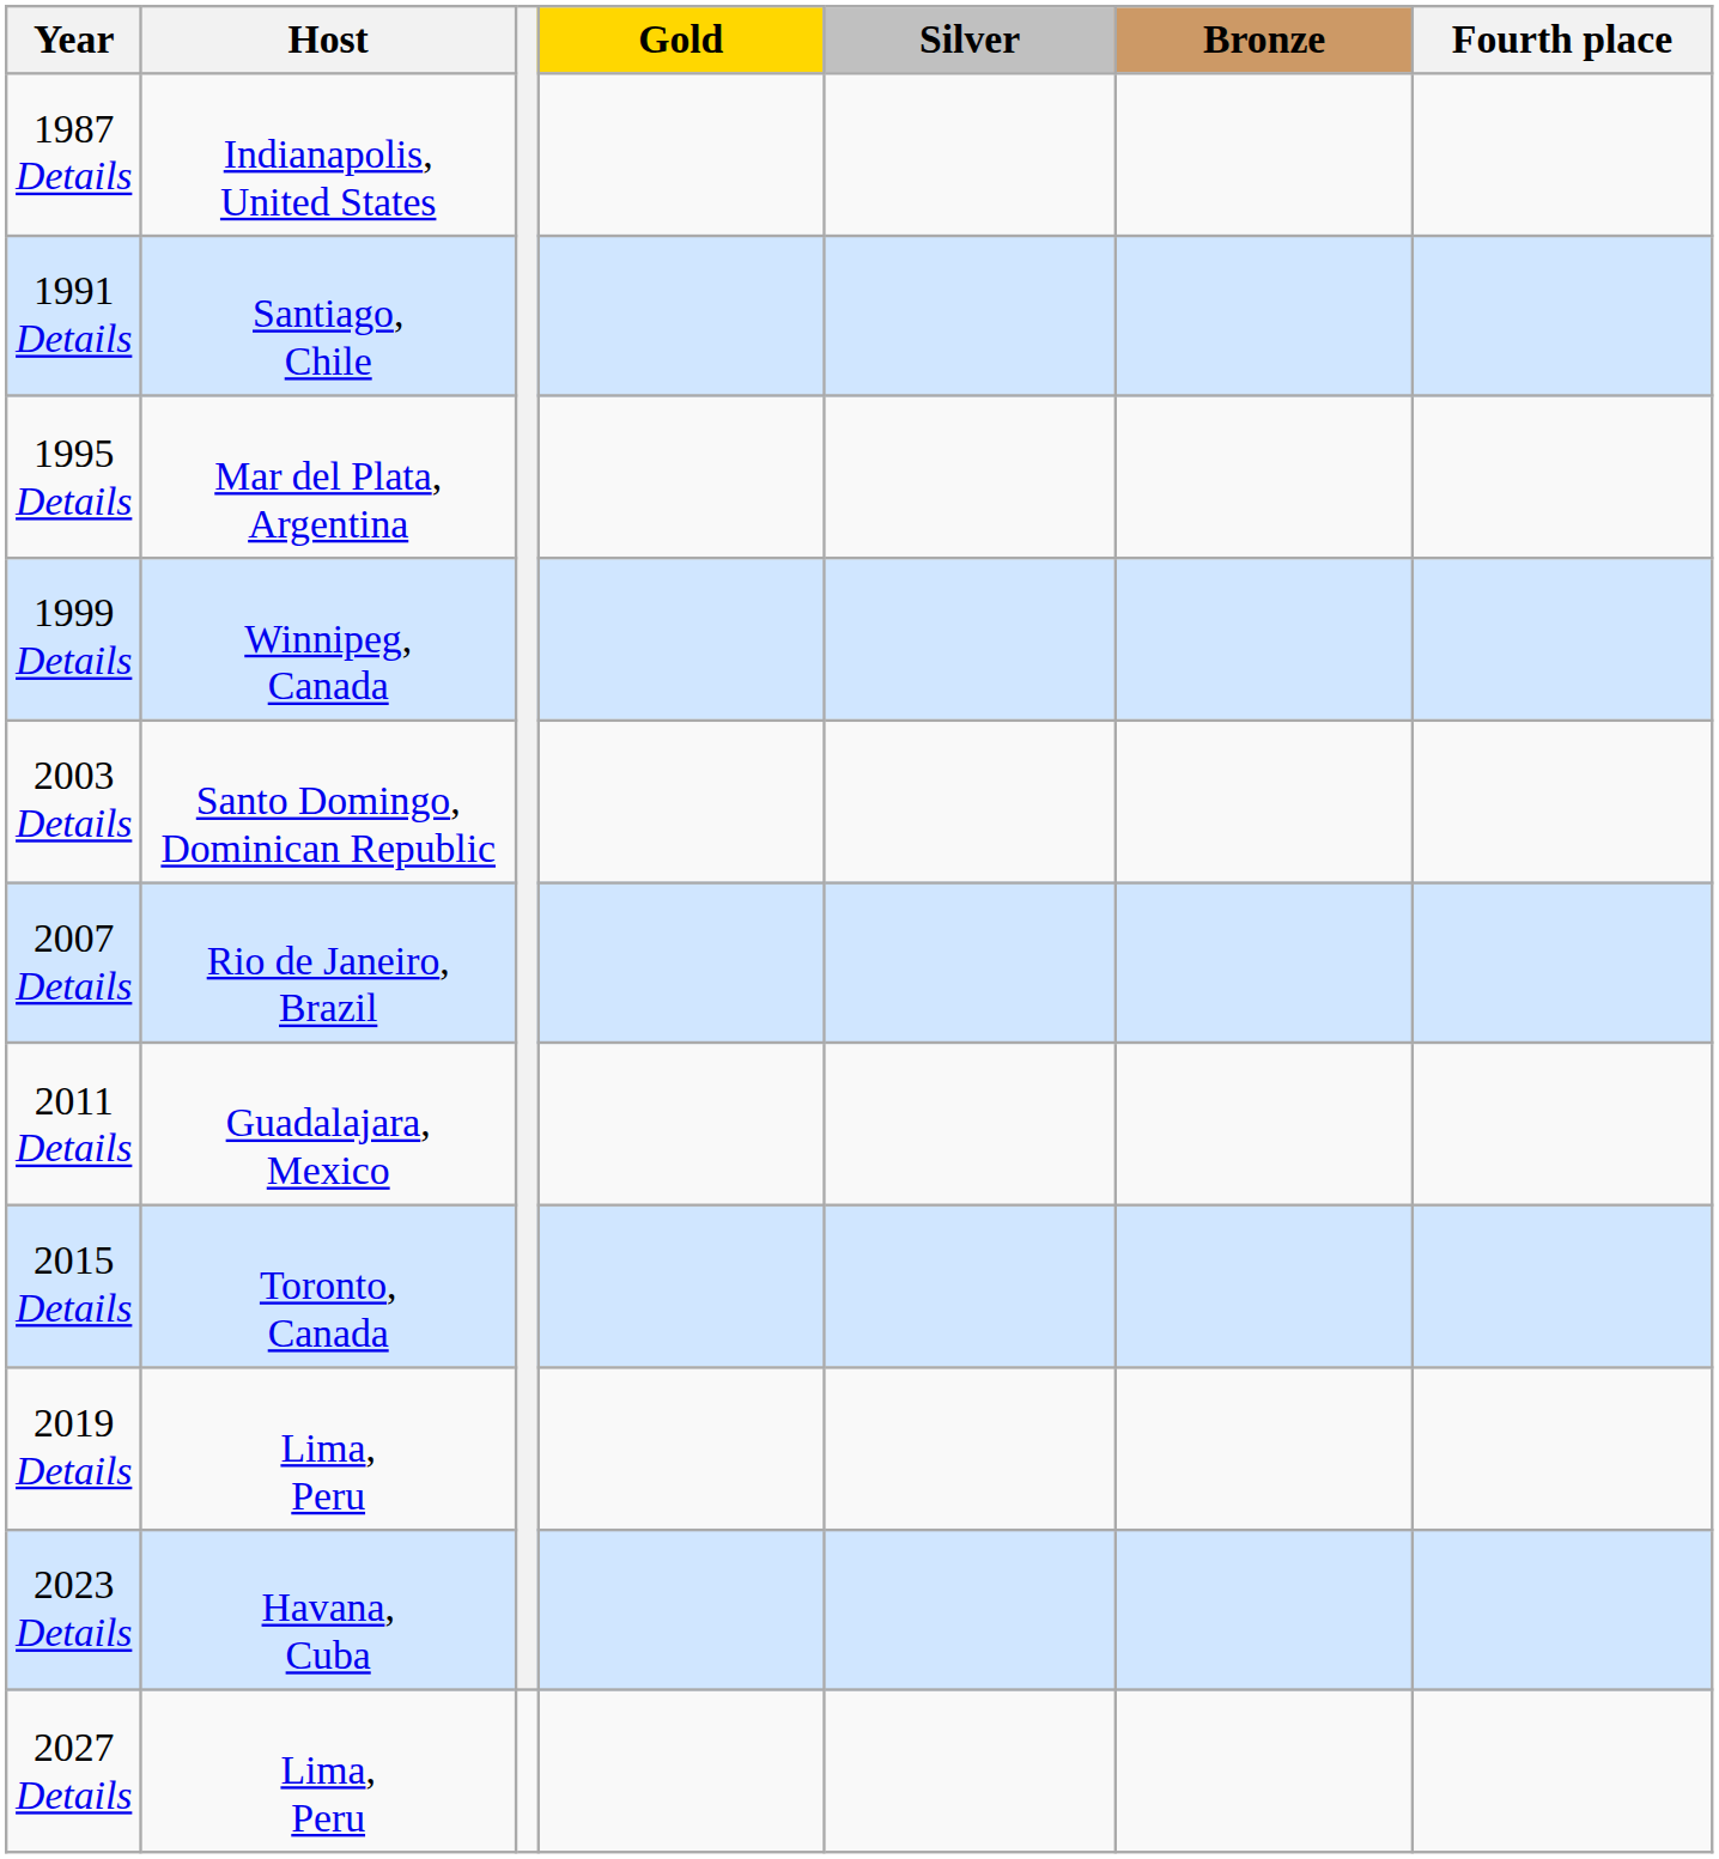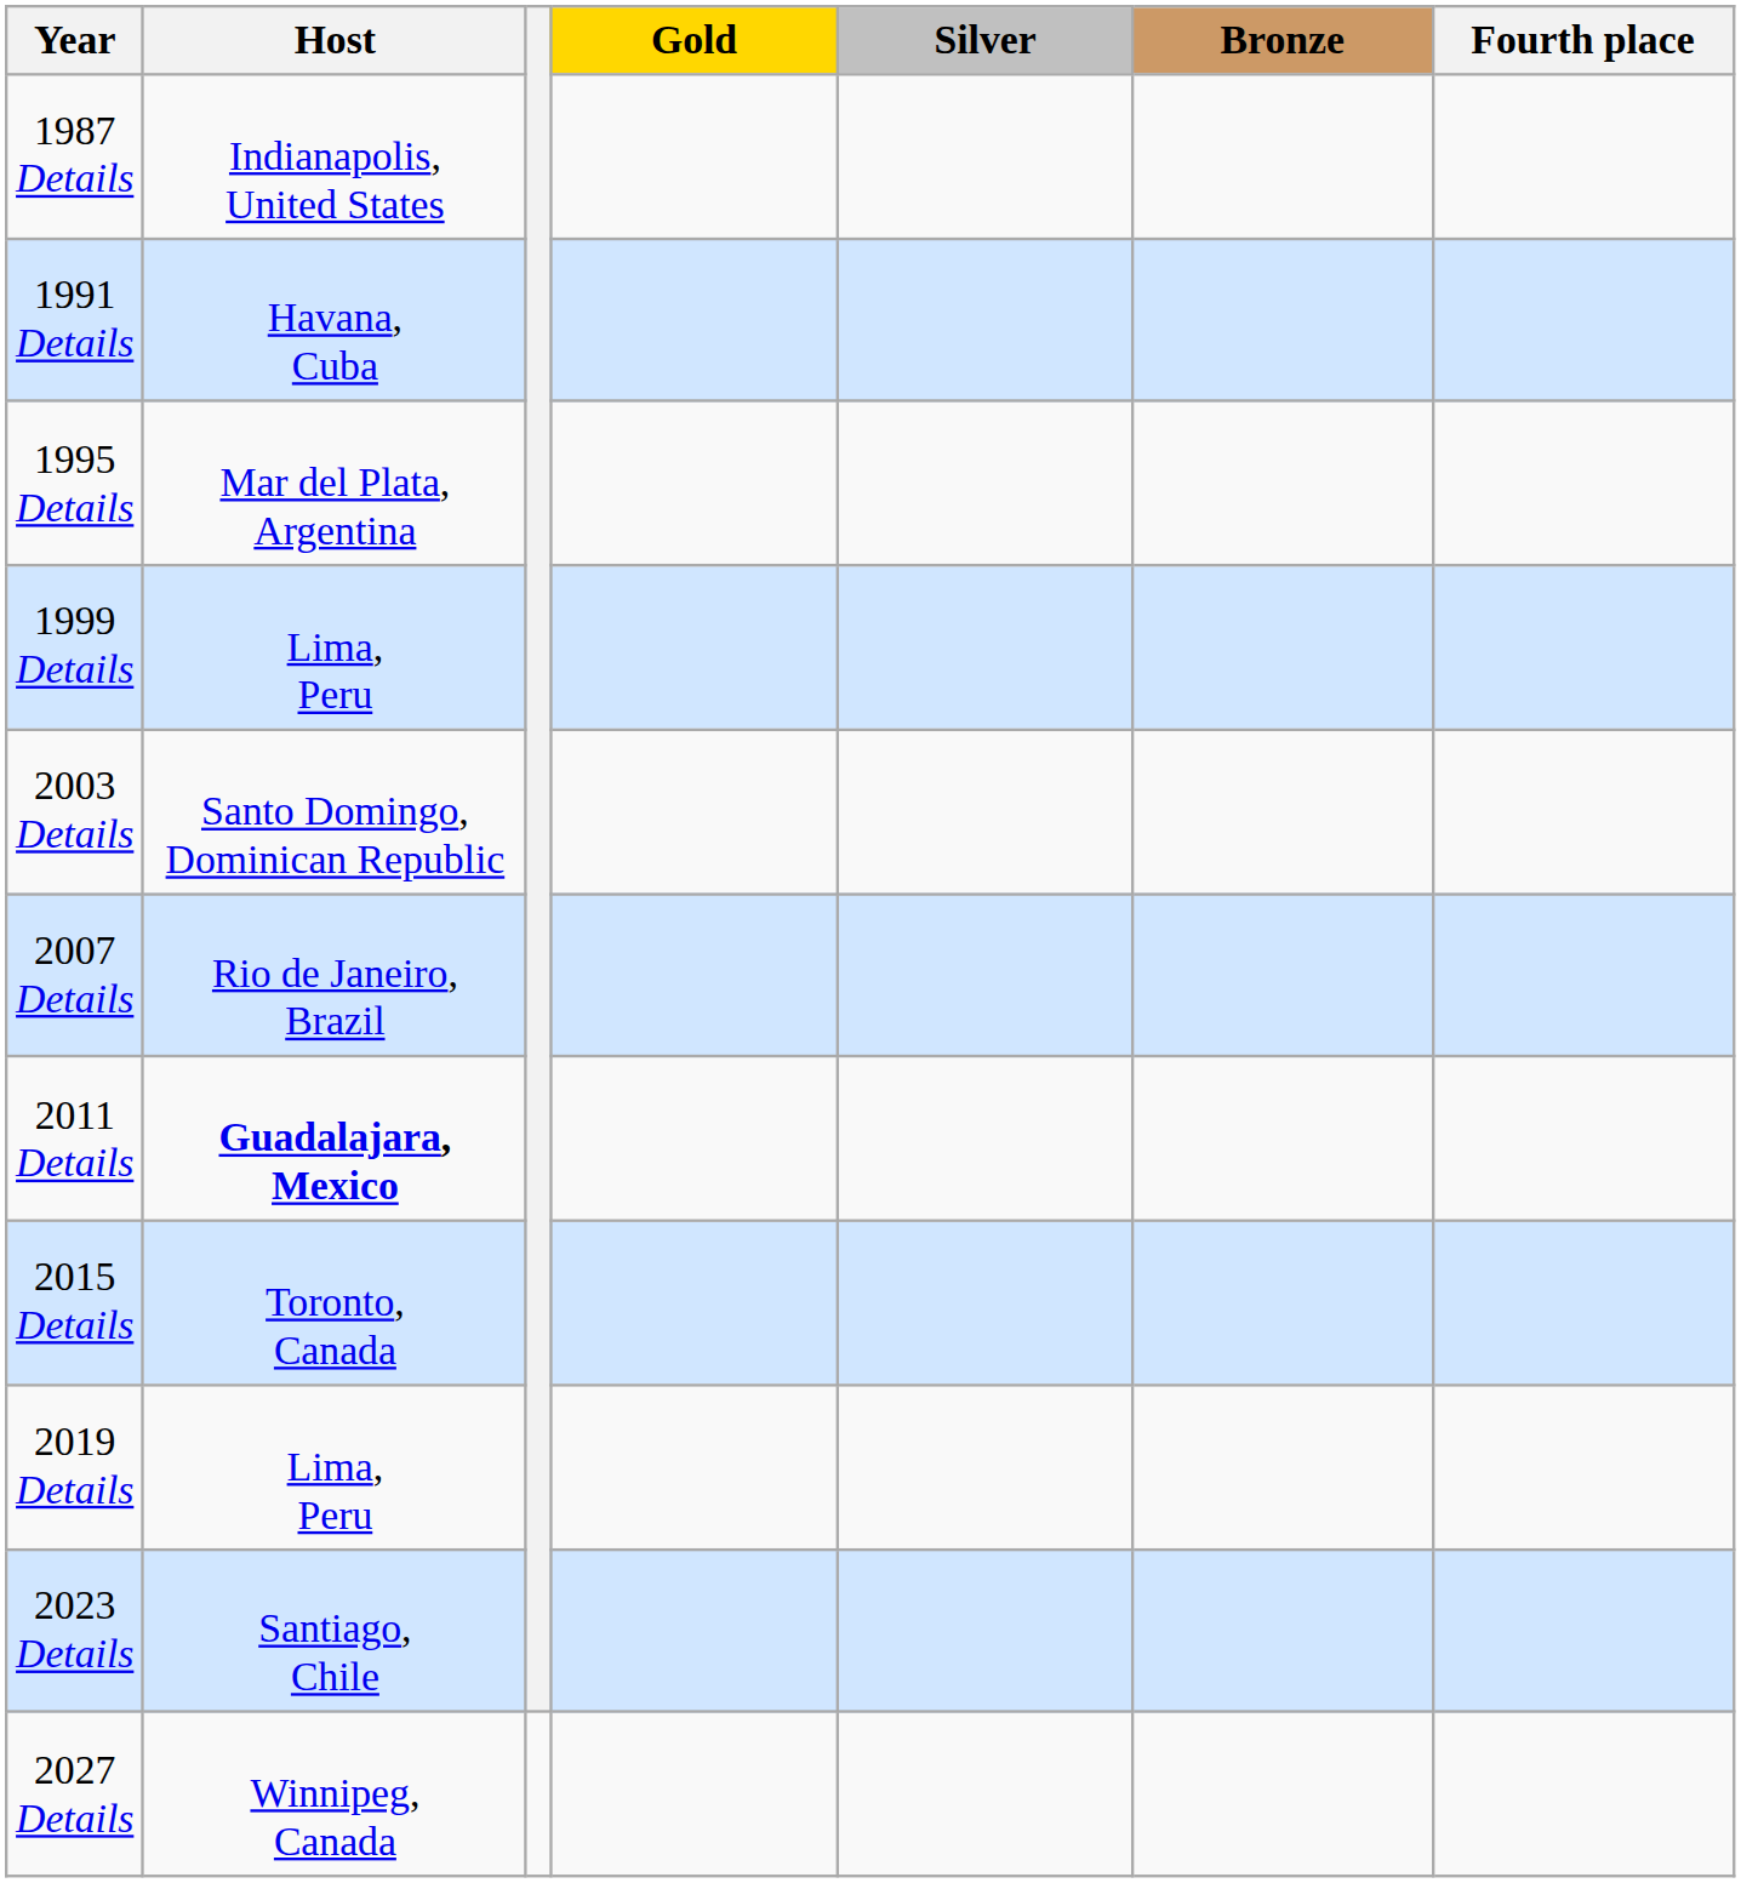 <table class="wikitable" style="font-size: 90%; text-align: center;">
 <tr>
 <th width="30">Year</th>
 <th width="150">Host</th>
 <th width="2" rowspan="11"></th>
 <th width="125" style="background: gold;">Gold</th>
 <th width="125" style="background: silver;">Silver</th>
 <th width="125" style="background: #cc9966;">Bronze</th>
 <th width="125" style="background:">Fourth place</th>
 </tr>
 <tr>
 <td>1987<br><em><a href='#'>Details</a></em></td>
 <td><br><a href='#'>Indianapolis</a>,<br><a href='#'>United States</a></td>
 <td><strong></strong></td>
 <td></td>
 <td></td>
 <td></td>
 </tr>
 <tr style="background: #D0E6FF;">
 <td>1991<br><em><a href='#'>Details</a></em></td>
-<td><br><a href='#'>Santiago</a>,<br><a href='#'>Chile</a></td>
+<td><br><a href='#'>Havana</a>,<br><a href='#'>Cuba</a></td>
 <td><strong></strong></td>
 <td></td>
 <td></td>
 <td></td>
 </tr>
 <tr>
 <td>1995<br><em><a href='#'>Details</a></em></td>
 <td><br><a href='#'>Mar del Plata</a>,<br><a href='#'>Argentina</a></td>
 <td><strong></strong></td>
 <td></td>
 <td></td>
 <td></td>
 </tr>
 <tr style="background: #D0E6FF;">
 <td>1999<br><em><a href='#'>Details</a></em></td>
-<td><br><a href='#'>Winnipeg</a>,<br><a href='#'>Canada</a></td>
+<td><br><a href='#'>Lima</a>,<br><a href='#'>Peru</a></td>
 <td><strong></strong></td>
 <td></td>
 <td></td>
 <td></td>
 </tr>
 <tr>
 <td>2003<br><em><a href='#'>Details</a></em></td>
 <td><br><a href='#'>Santo Domingo</a>,<br><a href='#'>Dominican Republic</a></td>
 <td><strong></strong></td>
 <td></td>
 <td></td>
 <td></td>
 </tr>
 <tr style="background: #D0E6FF;">
 <td>2007<br><em><a href='#'>Details</a></em></td>
 <td><br><a href='#'>Rio de Janeiro</a>,<br><a href='#'>Brazil</a></td>
 <td><strong></strong></td>
 <td></td>
 <td></td>
 <td></td>
 </tr>
 <tr>
 <td>2011<br><em><a href='#'>Details</a></em></td>
-<td><br><a href='#'>Guadalajara</a>,<br><a href='#'>Mexico</a></td>
+<td><strong><br><a href='#'>Guadalajara</a>,<br><a href='#'>Mexico</a></strong></td>
 <td><strong></strong></td>
 <td></td>
 <td></td>
 <td></td>
 </tr>
 <tr style="background: #D0E6FF;">
 <td>2015<br><em><a href='#'>Details</a></em></td>
 <td><br><a href='#'>Toronto</a>,<br><a href='#'>Canada</a></td>
 <td><strong></strong></td>
 <td></td>
 <td></td>
 <td></td>
 </tr>
 <tr>
 <td>2019<br><em><a href='#'>Details</a></em></td>
 <td><br><a href='#'>Lima</a>,<br><a href='#'>Peru</a></td>
 <td><strong></strong></td>
 <td></td>
 <td></td>
 <td></td>
 </tr>
 <tr style="background: #D0E6FF;">
 <td>2023<br><em><a href='#'>Details</a></em></td>
-<td><br><a href='#'>Havana</a>,<br><a href='#'>Cuba</a></td>
+<td><br><a href='#'>Santiago</a>,<br><a href='#'>Chile</a></td>
 <td><strong></strong></td>
 <td></td>
 <td></td>
 <td></td>
 </tr>
 <tr>
 <td>2027<br><em><a href='#'>Details</a></em></td>
-<td><br><a href='#'>Lima</a>,<br><a href='#'>Peru</a></td>
+<td><br><a href='#'>Winnipeg</a>,<br><a href='#'>Canada</a></td>
 <td></td>
 <td></td>
 <td></td>
 <td></td>
 </tr>
 </table>
